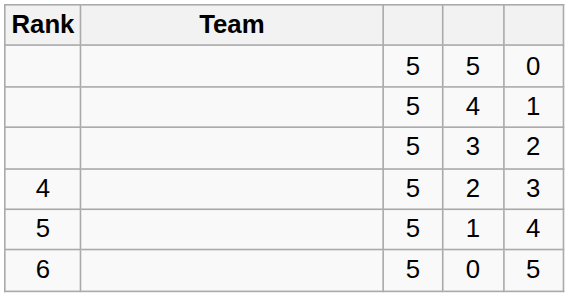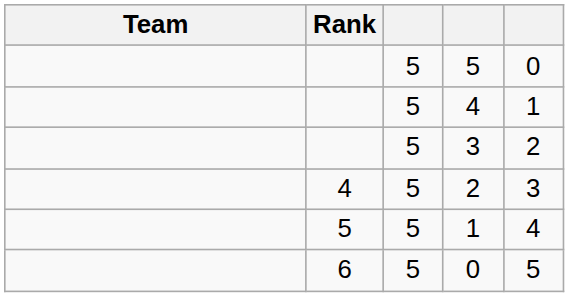 <table class="wikitable" style="text-align: center;">
 <tr>
+<th width=180>Team</th>
 <th width=40>Rank</th>
-<th width=180>Team</th>
 <th width=30></th>
 <th width=30></th>
 <th width=30></th>
 </tr>
 <tr>
+<td align="left"></td>
 <td></td>
-<td align="left"></td>
 <td>5</td>
 <td>5</td>
 <td>0</td>
 </tr>
 <tr>
+<td align="left"></td>
 <td></td>
-<td align="left"></td>
 <td>5</td>
 <td>4</td>
 <td>1</td>
 </tr>
 <tr>
+<td align="left"></td>
 <td></td>
-<td align="left"></td>
 <td>5</td>
 <td>3</td>
 <td>2</td>
 </tr>
 <tr>
+<td align="left"></td>
 <td>4</td>
-<td align="left"></td>
 <td>5</td>
 <td>2</td>
 <td>3</td>
 </tr>
 <tr>
+<td align="left"></td>
 <td>5</td>
-<td align="left"></td>
 <td>5</td>
 <td>1</td>
 <td>4</td>
 </tr>
 <tr>
+<td align="left"></td>
 <td>6</td>
-<td align="left"></td>
 <td>5</td>
 <td>0</td>
 <td>5</td>
 </tr>
 </table>
